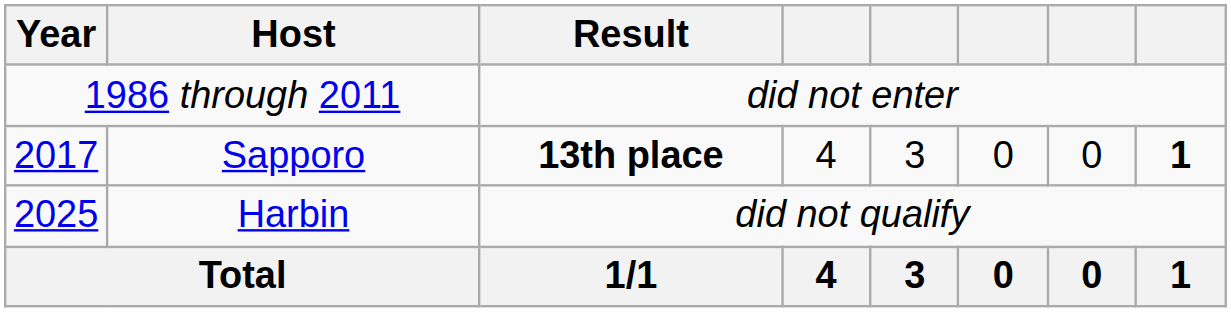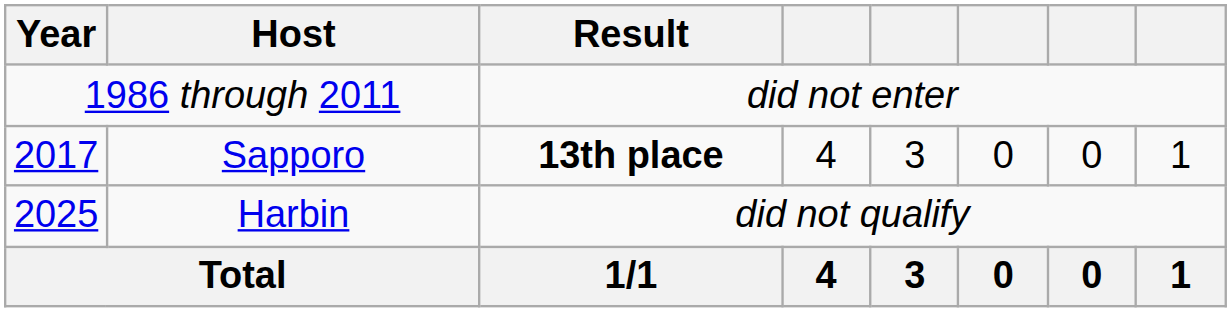 <table class="wikitable" style="text-align:center">
 <tr>
 <th width=30>Year</th>
 <th width=150>Host</th>
 <th width=120>Result</th>
 <th width=30></th>
 <th width=30></th>
 <th width=30></th>
 <th width=30></th>
 <th width=30></th>
 </tr>
 <tr>
 <td colspan=2><a href='#'>1986</a> <em>through</em> <a href='#'>2011</a></td>
 <td colspan=6><em>did not enter</em></td>
 </tr>
 <tr>
 <td><a href='#'>2017</a></td>
 <td> <a href='#'>Sapporo</a></td>
 <td><strong>13th place<br></strong></td>
 <td>4</td>
 <td>3</td>
 <td>0</td>
 <td>0</td>
-<td><strong>1</strong></td>
+<td>1</td>
 </tr>
 <tr>
 <td><a href='#'>2025</a></td>
 <td> <a href='#'>Harbin</a></td>
 <td colspan=6><em>did not qualify</em></td>
 </tr>
 <tr>
 <th colspan=2>Total</th>
 <th>1/1</th>
 <th>4</th>
 <th>3</th>
 <th>0</th>
 <th>0</th>
 <th>1</th>
 </tr>
 </table>
